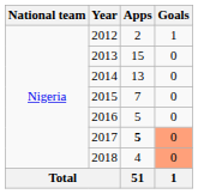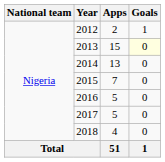 <table class="wikitable" style="text-align:center">
 <tr>
 <th>National team</th>
 <th>Year</th>
 <th>Apps</th>
 <th>Goals</th>
 </tr>
 <tr>
 <td rowspan="7"><a href='#'>Nigeria</a></td>
 <td>2012</td>
 <td>2</td>
 <td>1</td>
 </tr>
 <tr>
 <td>2013</td>
 <td>15</td>
-<td>0</td>
+<td style="background: lightyellow;">0</td>
 </tr>
 <tr>
 <td>2014</td>
 <td>13</td>
 <td>0</td>
 </tr>
 <tr>
 <td>2015</td>
 <td>7</td>
 <td>0</td>
 </tr>
 <tr>
 <td>2016</td>
 <td>5</td>
 <td>0</td>
 </tr>
 <tr>
 <td>2017</td>
-<td><strong>5</strong></td>
-<td style="background: lightsalmon;">0</td>
+<td>5</td>
+<td>0</td>
 </tr>
 <tr>
 <td>2018</td>
 <td>4</td>
-<td style="background: lightsalmon;">0</td>
+<td>0</td>
 </tr>
 <tr>
 <th colspan="2">Total</th>
 <th>51</th>
 <th>1</th>
 </tr>
 </table>
